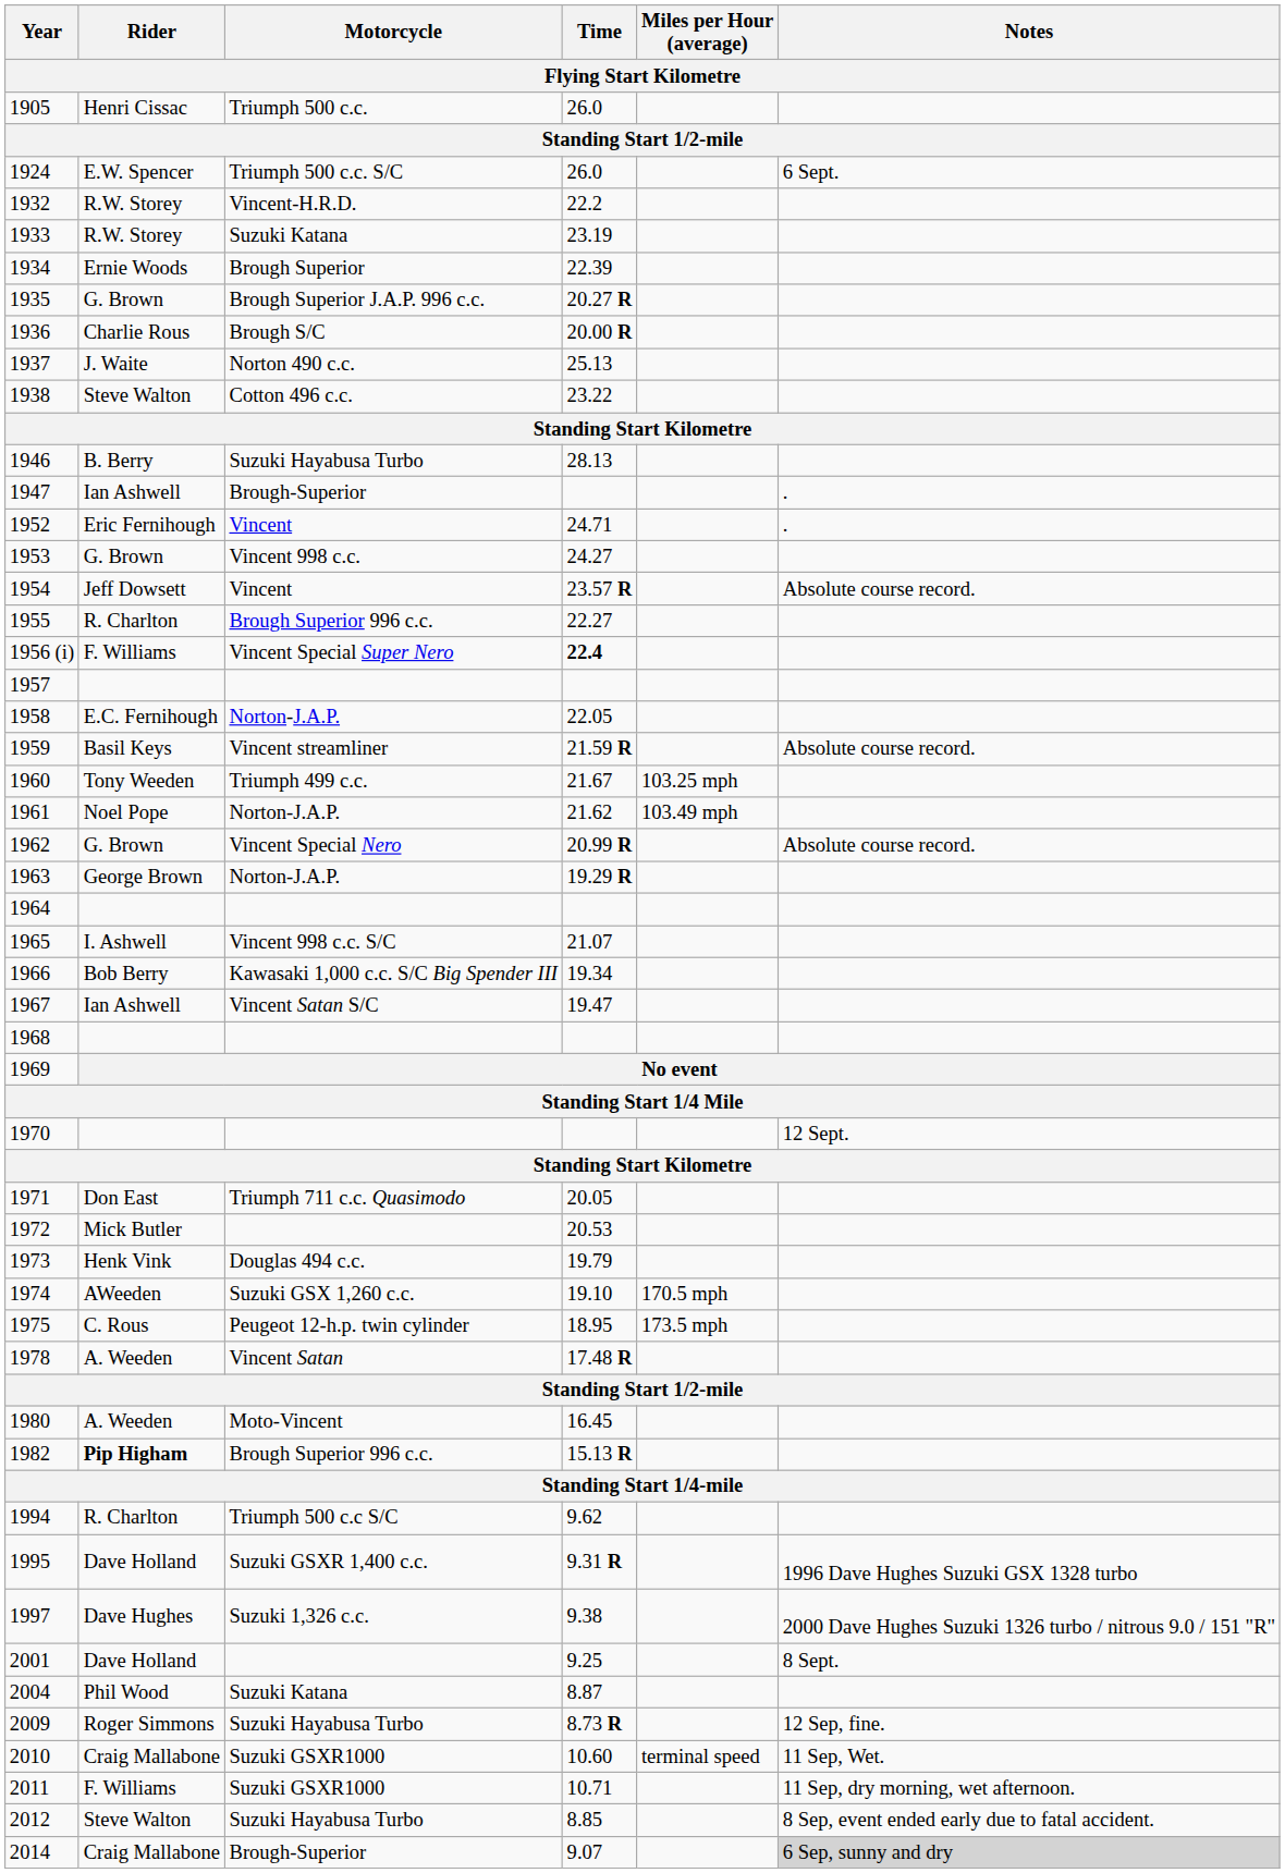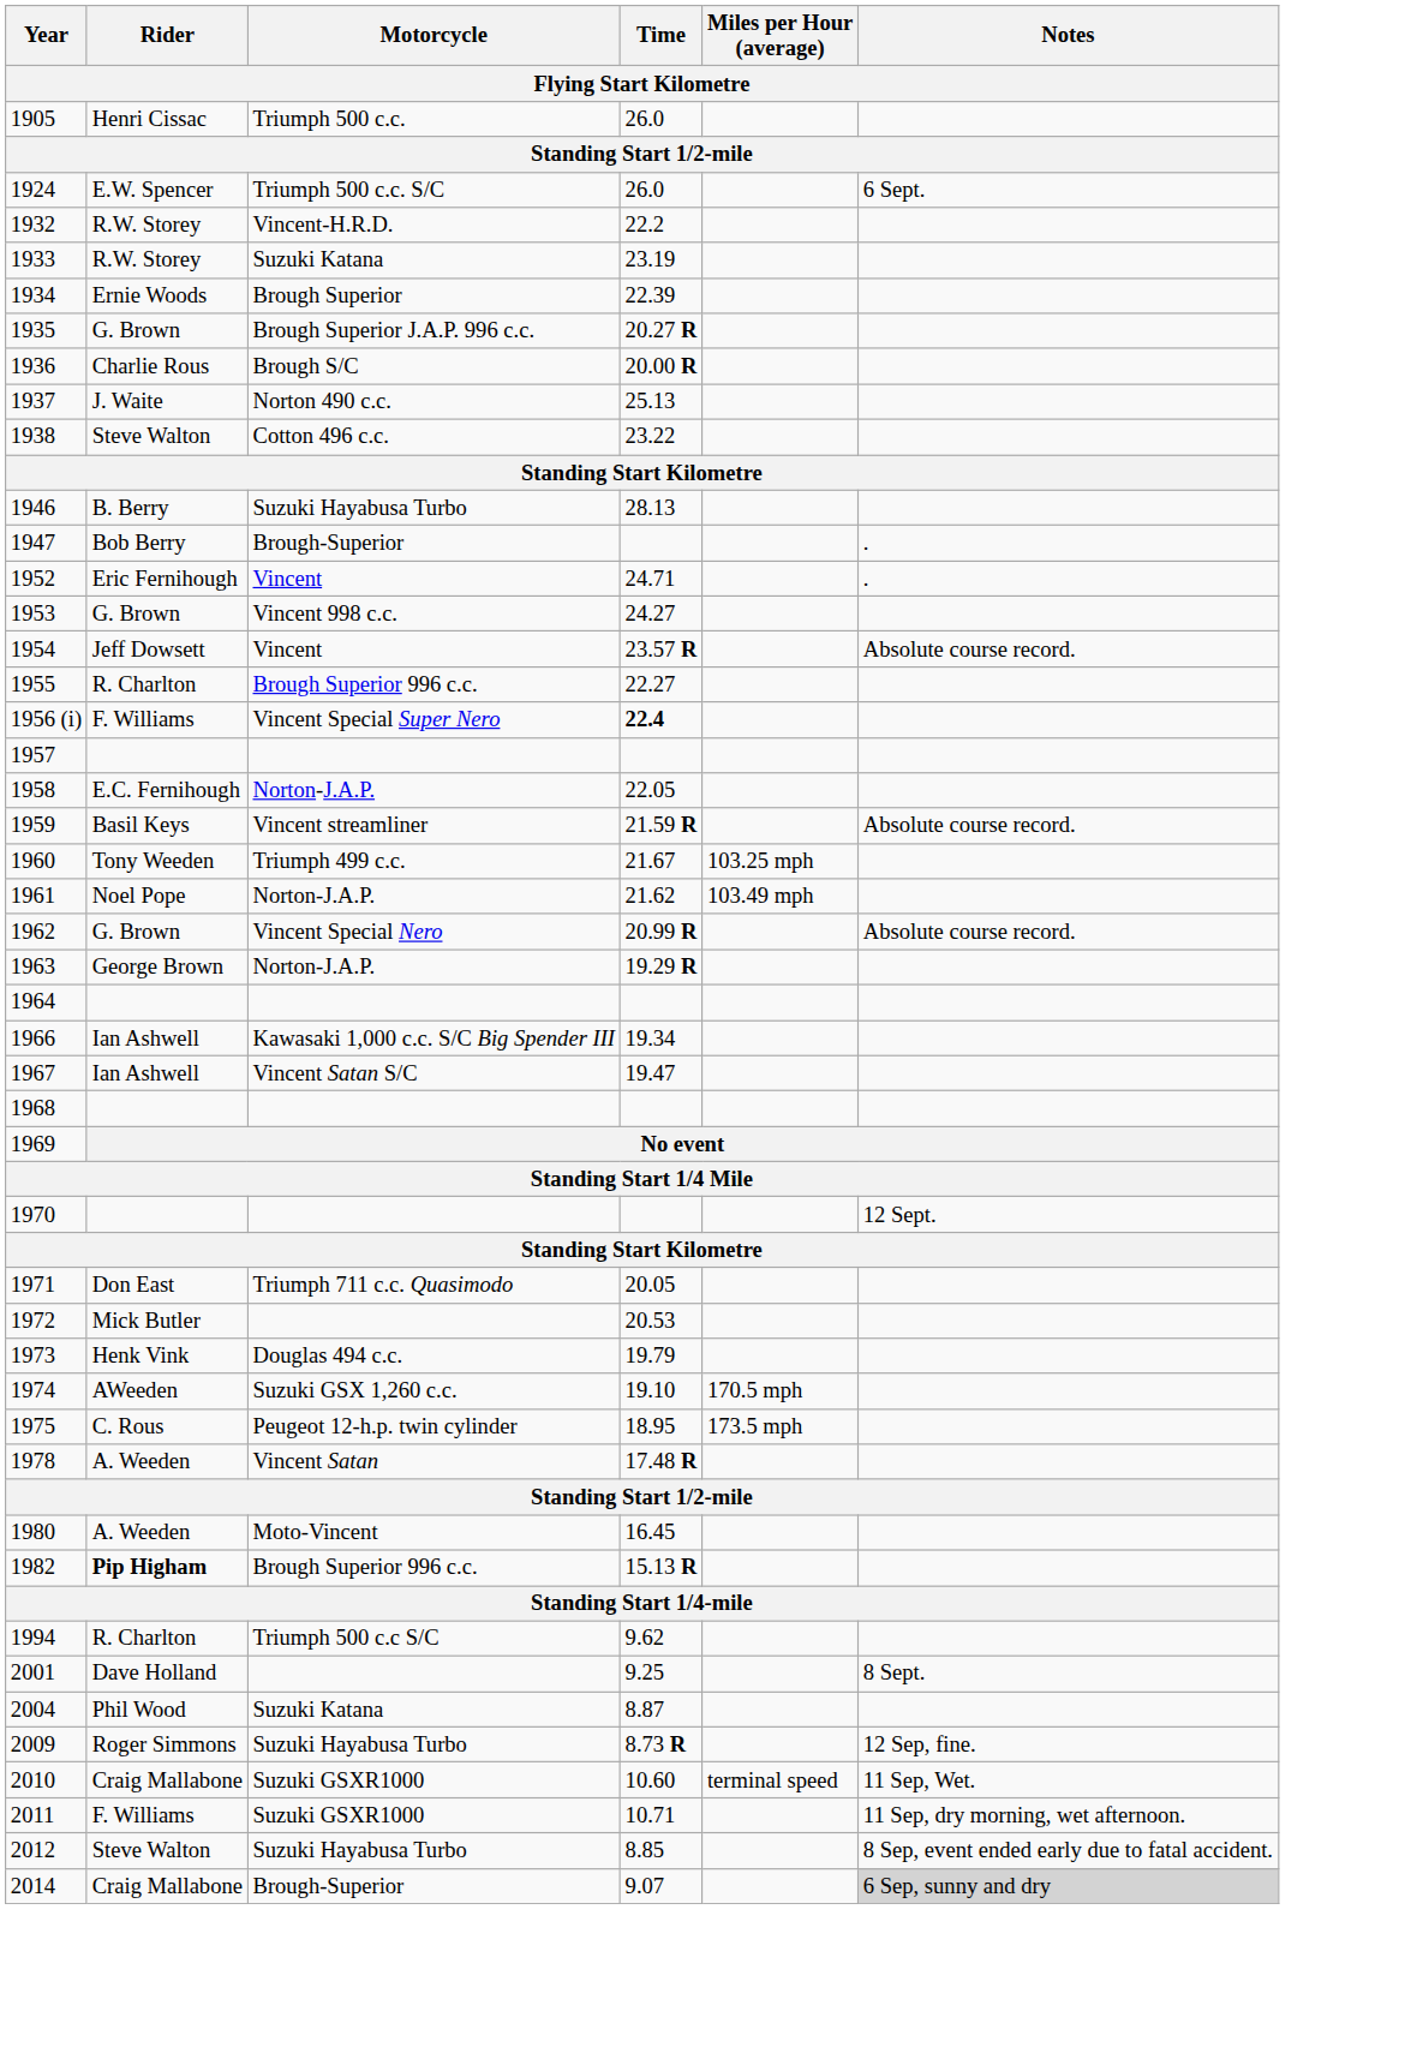 <table class="wikitable">
 <tr>
 <th width="*">Year</th>
 <th width="*">Rider</th>
 <th width="*">Motorcycle</th>
 <th width="*">Time</th>
 <th width="*">Miles per Hour<br>(average)</th>
 <th width="*">Notes</th>
 </tr>
 <tr>
 <th colspan=6><strong>Flying Start Kilometre</strong></th>
 </tr>
 <tr>
 <td>1905</td>
 <td>Henri Cissac</td>
 <td>Triumph 500 c.c.</td>
 <td>26.0</td>
 <td></td>
 <td></td>
 </tr>
 <tr>
 <th colspan=6><strong>Standing Start 1/2-mile</strong></th>
 </tr>
 <tr>
 <td>1924</td>
 <td>E.W. Spencer</td>
 <td>Triumph 500 c.c. S/C</td>
 <td>26.0</td>
 <td></td>
 <td> 6 Sept.</td>
 </tr>
 <tr>
 <td>1932</td>
 <td>R.W. Storey</td>
 <td>Vincent-H.R.D.</td>
 <td>22.2</td>
 <td></td>
 <td></td>
 </tr>
 <tr>
 <td>1933</td>
 <td>R.W. Storey</td>
 <td>Suzuki Katana</td>
 <td>23.19</td>
 <td></td>
 <td></td>
 </tr>
 <tr>
 <td>1934</td>
 <td>Ernie Woods</td>
 <td>Brough Superior</td>
 <td>22.39</td>
 <td></td>
 <td></td>
 </tr>
 <tr>
 <td>1935</td>
 <td>G. Brown</td>
 <td>Brough Superior J.A.P. 996 c.c.</td>
 <td>20.27 <strong>R</strong></td>
 <td></td>
 <td></td>
 </tr>
 <tr>
 <td>1936</td>
 <td>Charlie Rous</td>
 <td>Brough S/C</td>
 <td>20.00 <strong>R</strong></td>
 <td></td>
 <td></td>
 </tr>
 <tr>
 <td>1937</td>
 <td>J. Waite</td>
 <td>Norton 490 c.c.</td>
 <td>25.13</td>
 <td></td>
 <td></td>
 </tr>
 <tr>
 <td>1938</td>
 <td>Steve Walton</td>
 <td>Cotton 496 c.c.</td>
 <td>23.22</td>
 <td></td>
 <td></td>
 </tr>
 <tr>
 <th colspan=6><strong>Standing Start Kilometre</strong></th>
 </tr>
 <tr>
 <td>1946</td>
 <td>B. Berry</td>
 <td>Suzuki Hayabusa Turbo</td>
 <td>28.13</td>
 <td></td>
 <td></td>
 </tr>
 <tr>
 <td>1947</td>
-<td>Ian Ashwell</td>
+<td>Bob Berry</td>
 <td>Brough-Superior</td>
 <td></td>
 <td></td>
 <td>.</td>
 </tr>
 <tr>
 <td>1952</td>
 <td>Eric Fernihough</td>
 <td><a href='#'>Vincent</a></td>
 <td>24.71</td>
 <td></td>
 <td>.</td>
 </tr>
 <tr>
 <td>1953</td>
 <td>G. Brown</td>
 <td>Vincent 998 c.c.</td>
 <td>24.27</td>
 <td></td>
 <td></td>
 </tr>
 <tr>
 <td>1954</td>
 <td>Jeff Dowsett</td>
 <td>Vincent</td>
 <td>23.57 <strong>R</strong></td>
 <td></td>
 <td> Absolute course record.</td>
 </tr>
 <tr>
 <td>1955</td>
 <td>R. Charlton</td>
 <td><a href='#'>Brough Superior</a> 996 c.c.</td>
 <td>22.27</td>
 <td></td>
 <td></td>
 </tr>
 <tr>
 <td>1956 (i)</td>
 <td>F. Williams</td>
 <td>Vincent Special <em><a href='#'>Super Nero</a></em></td>
 <td><strong>22.4</strong></td>
 <td></td>
 <td></td>
 </tr>
 <tr>
 <td>1957</td>
 <td></td>
 <td></td>
 <td></td>
 <td></td>
 <td></td>
 </tr>
 <tr>
 <td>1958</td>
 <td>E.C. Fernihough</td>
 <td><a href='#'>Norton</a>-<a href='#'>J.A.P.</a></td>
 <td>22.05</td>
 <td></td>
 <td></td>
 </tr>
 <tr>
 <td>1959</td>
 <td>Basil Keys</td>
 <td>Vincent streamliner</td>
 <td>21.59 <strong>R</strong></td>
 <td></td>
 <td> Absolute course record.</td>
 </tr>
 <tr>
 <td>1960</td>
 <td>Tony Weeden</td>
 <td>Triumph 499 c.c.</td>
 <td>21.67</td>
 <td>103.25 mph</td>
 <td></td>
 </tr>
 <tr>
 <td>1961</td>
 <td>Noel Pope</td>
 <td>Norton-J.A.P.</td>
 <td>21.62</td>
 <td>103.49 mph</td>
 <td></td>
 </tr>
 <tr>
 <td>1962</td>
 <td>G. Brown</td>
 <td>Vincent Special <em><a href='#'>Nero</a></em></td>
 <td>20.99 <strong>R</strong></td>
 <td></td>
 <td> Absolute course record.</td>
 </tr>
 <tr>
 <td>1963</td>
 <td>George Brown</td>
 <td>Norton-J.A.P.</td>
 <td>19.29 <strong>R</strong></td>
 <td></td>
 <td></td>
 </tr>
 <tr>
 <td>1964</td>
 <td></td>
 <td></td>
 <td></td>
 <td></td>
 <td></td>
 </tr>
 <tr>
-<td>1965</td>
-<td>I. Ashwell</td>
-<td>Vincent 998 c.c. S/C</td>
-<td>21.07</td>
-<td></td>
-<td></td>
-</tr>
-<tr>
 <td>1966</td>
-<td>Bob Berry</td>
+<td>Ian Ashwell</td>
 <td>Kawasaki 1,000 c.c. S/C <em>Big Spender III</em></td>
 <td>19.34</td>
 <td></td>
 <td></td>
 </tr>
 <tr>
 <td>1967</td>
 <td>Ian Ashwell</td>
 <td>Vincent <em>Satan</em> S/C</td>
 <td>19.47</td>
 <td></td>
 <td></td>
 </tr>
 <tr>
 <td>1968</td>
 <td></td>
 <td></td>
 <td></td>
 <td></td>
 <td></td>
 </tr>
 <tr>
 <td>1969</td>
 <th colspan=5><strong>No event</strong></th>
 </tr>
 <tr>
 <th colspan=6><strong>Standing Start 1/4 Mile</strong></th>
 </tr>
 <tr>
 <td>1970</td>
 <td></td>
 <td></td>
 <td></td>
 <td></td>
 <td>12 Sept.</td>
 </tr>
 <tr>
 <th colspan=6><strong>Standing Start Kilometre</strong></th>
 </tr>
 <tr>
 <td>1971</td>
 <td>Don East</td>
 <td>Triumph 711 c.c. <em>Quasimodo</em></td>
 <td>20.05</td>
 <td></td>
 <td></td>
 </tr>
 <tr>
 <td>1972</td>
 <td>Mick Butler</td>
 <td></td>
 <td>20.53</td>
 <td></td>
 <td></td>
 </tr>
 <tr>
 <td>1973</td>
 <td>Henk Vink</td>
 <td>Douglas 494 c.c.</td>
 <td>19.79</td>
 <td></td>
 <td></td>
 </tr>
 <tr>
 <td>1974</td>
 <td>AWeeden</td>
 <td>Suzuki GSX 1,260 c.c.</td>
 <td>19.10</td>
 <td>170.5 mph</td>
 <td></td>
 </tr>
 <tr>
 <td>1975</td>
 <td>C. Rous</td>
 <td>Peugeot 12-h.p. twin cylinder</td>
 <td>18.95</td>
 <td>173.5 mph</td>
 <td></td>
 </tr>
 <tr>
 <td>1978</td>
 <td>A. Weeden</td>
 <td>Vincent <em>Satan</em></td>
 <td>17.48 <strong>R</strong></td>
 <td></td>
 <td></td>
 </tr>
 <tr>
 <th colspan=6><strong>Standing Start 1/2-mile</strong></th>
 </tr>
 <tr>
 <td>1980</td>
 <td>A. Weeden</td>
 <td>Moto-Vincent</td>
 <td>16.45</td>
 <td></td>
 <td></td>
 </tr>
 <tr>
 <td>1982</td>
 <td><strong>Pip Higham</strong></td>
 <td>Brough Superior 996 c.c.</td>
 <td>15.13 <strong>R</strong></td>
 <td></td>
 <td></td>
 </tr>
 <tr>
 <th colspan=6><strong>Standing Start 1/4-mile</strong></th>
 </tr>
 <tr>
 <td>1994</td>
 <td>R. Charlton</td>
 <td>Triumph 500 c.c S/C</td>
 <td>9.62</td>
 <td></td>
 <td></td>
 </tr>
 <tr>
-<td>1995</td>
-<td>Dave Holland</td>
-<td>Suzuki GSXR 1,400 c.c.</td>
-<td>9.31 <strong>R</strong></td>
-<td></td>
-<td><br>1996 Dave Hughes Suzuki GSX 1328 turbo</td>
-</tr>
-<tr>
-<td>1997</td>
-<td>Dave Hughes</td>
-<td>Suzuki 1,326 c.c.</td>
-<td>9.38</td>
-<td></td>
-<td><br>2000 Dave Hughes Suzuki 1326 turbo / nitrous 9.0 / 151 "R"</td>
-</tr>
-<tr>
 <td>2001</td>
 <td>Dave Holland</td>
 <td></td>
 <td>9.25</td>
 <td></td>
 <td>8 Sept.</td>
 </tr>
 <tr>
 <td>2004</td>
 <td>Phil Wood</td>
 <td>Suzuki Katana</td>
 <td>8.87</td>
 <td></td>
 <td></td>
 </tr>
 <tr>
 <td>2009</td>
 <td>Roger Simmons</td>
 <td>Suzuki Hayabusa Turbo</td>
 <td>8.73 <strong>R</strong></td>
 <td></td>
 <td>12 Sep, fine.</td>
 </tr>
 <tr>
 <td>2010</td>
 <td>Craig Mallabone</td>
 <td>Suzuki GSXR1000</td>
 <td>10.60</td>
 <td> terminal speed</td>
 <td>11 Sep, Wet.</td>
 </tr>
 <tr>
 <td>2011</td>
 <td>F. Williams</td>
 <td>Suzuki GSXR1000</td>
 <td>10.71</td>
 <td></td>
 <td>11 Sep, dry morning, wet afternoon.</td>
 </tr>
 <tr>
 <td>2012</td>
 <td>Steve Walton</td>
 <td>Suzuki Hayabusa Turbo</td>
 <td>8.85</td>
 <td></td>
 <td>8 Sep, event ended early due to fatal accident.</td>
 </tr>
 <tr>
 <td>2014</td>
 <td>Craig Mallabone</td>
 <td>Brough-Superior</td>
 <td>9.07</td>
 <td></td>
 <td style="background: lightgrey;">6 Sep, sunny and dry</td>
 </tr>
 </table>
